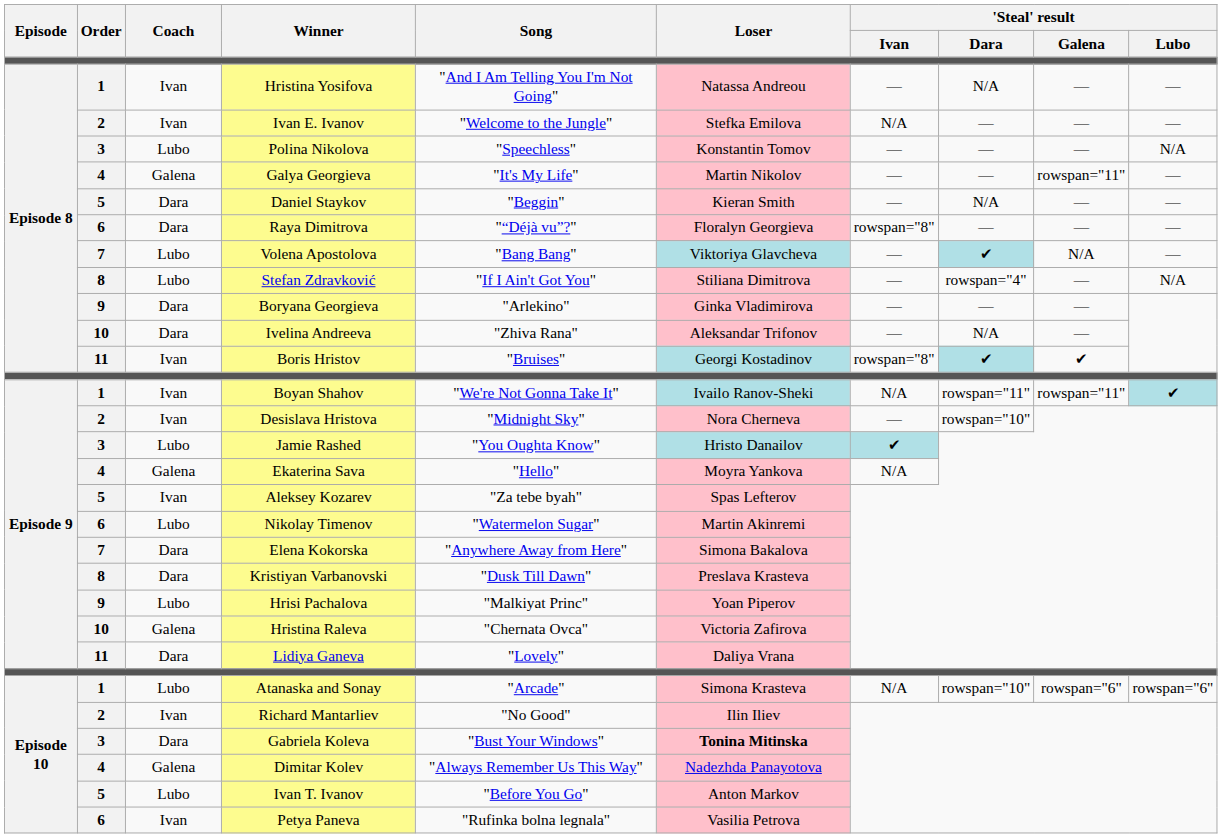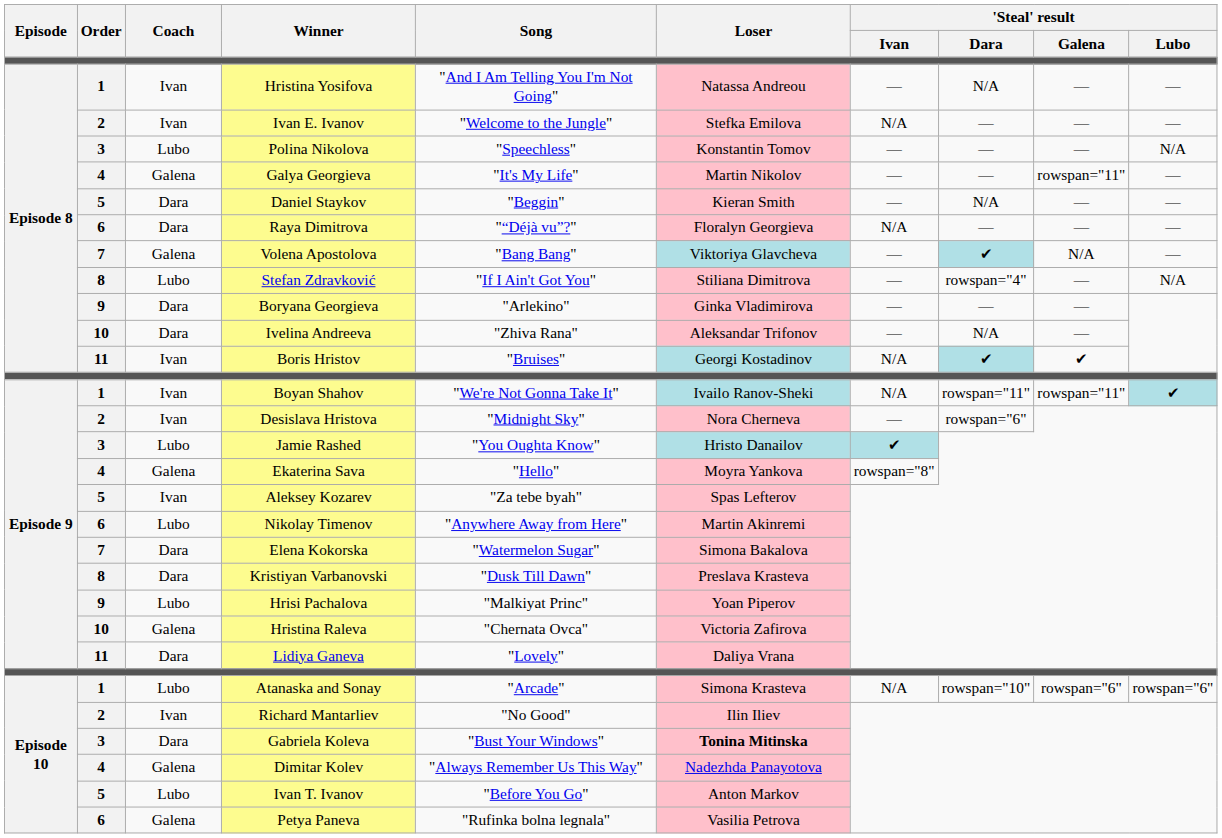 <table class="wikitable" style="text-align:center; line-height:20px; width:100%">
 <tr>
 <th rowspan="2" style="width:06%">Episode</th>
 <th rowspan="2" style="width:03%">Order</th>
 <th rowspan="2" style="width:08%">Coach</th>
 <th rowspan="2" style="width:16%">Winner</th>
 <th rowspan="2" style="width:20%">Song</th>
 <th rowspan="2" style="width:16%">Loser</th>
 <th colspan="4" style="width:24%">'Steal' result</th>
 </tr>
 <tr>
 <th style="width:06%">Ivan</th>
 <th style="width:06%">Dara</th>
 <th style="width:06%">Galena</th>
 <th style="width:06%">Lubo</th>
 </tr>
 <tr>
 <td colspan="10" style="background:#555"></td>
 </tr>
 <tr>
 <th rowspan="11">Episode 8<br></th>
 <th>1</th>
 <td>Ivan</td>
 <td style="background:#fdfc8f">Hristina Yosifova</td>
 <td>"<a href='#'>And I Am Telling You I'm Not Going</a>"</td>
 <td style="background:pink">Natassa Andreou</td>
 <td>—</td>
 <td>N/A</td>
 <td>—</td>
 <td>—</td>
 </tr>
 <tr>
 <th>2</th>
 <td>Ivan</td>
 <td style="background:#fdfc8f">Ivan E. Ivanov</td>
 <td>"<a href='#'>Welcome to the Jungle</a>"</td>
 <td style="background:pink">Stefka Emilova</td>
 <td>N/A</td>
 <td>—</td>
 <td>—</td>
 <td>—</td>
 </tr>
 <tr>
 <th>3</th>
 <td>Lubo</td>
 <td style="background:#fdfc8f">Polina Nikolova</td>
 <td>"<a href='#'>Speechless</a>"</td>
 <td style="background:pink">Konstantin Tomov</td>
 <td>—</td>
 <td>—</td>
 <td>—</td>
 <td>N/A</td>
 </tr>
 <tr>
 <th>4</th>
 <td>Galena</td>
 <td style="background:#fdfc8f">Galya Georgieva</td>
 <td>"<a href='#'>It's My Life</a>"</td>
 <td style="background:pink">Martin Nikolov</td>
 <td>—</td>
 <td>—</td>
 <td>rowspan="11" </td>
 <td>—</td>
 </tr>
 <tr>
 <th>5</th>
 <td>Dara</td>
 <td style="background:#fdfc8f">Daniel Staykov</td>
 <td>"<a href='#'>Beggin</a>"</td>
 <td style="background:pink">Kieran Smith</td>
 <td>—</td>
 <td>N/A</td>
 <td>—</td>
 <td>—</td>
 </tr>
 <tr>
 <th>6</th>
 <td>Dara</td>
 <td style="background:#fdfc8f">Raya Dimitrova</td>
 <td>"<a href='#'>“Déjà vu”?</a>"</td>
 <td style="background:pink">Floralyn Georgieva</td>
-<td>rowspan="8" </td>
+<td>N/A</td>
 <td>—</td>
 <td>—</td>
 <td>—</td>
 </tr>
 <tr>
 <th>7</th>
-<td>Lubo</td>
+<td>Galena</td>
 <td style="background:#fdfc8f">Volena Apostolova</td>
 <td>"<a href='#'>Bang Bang</a>"</td>
 <td style="background:#b0e0e6">Viktoriya Glavcheva</td>
 <td>—</td>
 <td style="background:#b0e0e6">✔</td>
 <td>N/A</td>
 <td>—</td>
 </tr>
 <tr>
 <th>8</th>
 <td>Lubo</td>
 <td style="background:#fdfc8f"><a href='#'>Stefan Zdravković</a></td>
 <td>"<a href='#'>If I Ain't Got You</a>"</td>
 <td style="background:pink">Stiliana Dimitrova</td>
 <td>—</td>
 <td>rowspan="4" </td>
 <td>—</td>
 <td>N/A</td>
 </tr>
 <tr>
 <th>9</th>
 <td>Dara</td>
 <td style="background:#fdfc8f">Boryana Georgieva</td>
 <td>"Arlekino"</td>
 <td style="background:pink">Ginka Vladimirova</td>
 <td>—</td>
 <td>—</td>
 <td>—</td>
 </tr>
 <tr>
 <th>10</th>
 <td>Dara</td>
 <td style="background:#fdfc8f">Ivelina Andreeva</td>
 <td>"Zhiva Rana"</td>
 <td style="background:pink">Aleksandar Trifonov</td>
 <td>—</td>
 <td>N/A</td>
 <td>—</td>
 </tr>
 <tr>
 <th>11</th>
 <td>Ivan</td>
 <td style="background:#fdfc8f">Boris Hristov</td>
 <td>"<a href='#'>Bruises</a>"</td>
 <td style="background:#b0e0e6">Georgi Kostadinov</td>
-<td>rowspan="8" </td>
+<td>N/A</td>
 <td style="background:#b0e0e6">✔</td>
 <td>✔</td>
 </tr>
 <tr>
 <th colspan="10" style="background:#555"></th>
 </tr>
 <tr>
 <th rowspan="11">Episode 9<br></th>
 <th>1</th>
 <td>Ivan</td>
 <td style="background:#fdfc8f">Boyan Shahov</td>
 <td>"<a href='#'>We're Not Gonna Take It</a>"</td>
 <td style="background:#b0e0e6">Ivailo Ranov-Sheki</td>
 <td>N/A</td>
 <td>rowspan="11" </td>
 <td>rowspan="11" </td>
 <td style="background:#b0e0e6">✔</td>
 </tr>
 <tr>
 <th>2</th>
 <td>Ivan</td>
 <td style="background:#fdfc8f">Desislava Hristova</td>
 <td>"<a href='#'>Midnight Sky</a>"</td>
 <td style="background:pink">Nora Cherneva</td>
 <td>—</td>
-<td>rowspan="10" </td>
+<td>rowspan="6" </td>
 </tr>
 <tr>
 <th>3</th>
 <td>Lubo</td>
 <td style="background:#fdfc8f">Jamie Rashed</td>
 <td>"<a href='#'>You Oughta Know</a>"</td>
 <td style="background:#b0e0e6">Hristo Danailov</td>
 <td style="background:#b0e0e6">✔</td>
 </tr>
 <tr>
 <th>4</th>
 <td>Galena</td>
 <td style="background:#fdfc8f">Ekaterina Sava</td>
 <td>"<a href='#'>Hello</a>"</td>
 <td style="background:pink">Moyra Yankova</td>
-<td>N/A</td>
+<td>rowspan="8" </td>
 </tr>
 <tr>
 <th>5</th>
 <td>Ivan</td>
 <td style="background:#fdfc8f">Aleksey Kozarev</td>
 <td>"Za tebe byah"</td>
 <td style="background:pink">Spas Lefterov</td>
 </tr>
 <tr>
 <th>6</th>
 <td>Lubo</td>
 <td style="background:#fdfc8f">Nikolay Timenov</td>
-<td>"<a href='#'>Watermelon Sugar</a>"</td>
+<td>"<a href='#'>Anywhere Away from Here</a>"</td>
 <td style="background:pink">Martin Akinremi</td>
 </tr>
 <tr>
 <th>7</th>
 <td>Dara</td>
 <td style="background:#fdfc8f">Elena Kokorska</td>
-<td>"<a href='#'>Anywhere Away from Here</a>"</td>
+<td>"<a href='#'>Watermelon Sugar</a>"</td>
 <td style="background:pink">Simona Bakalova</td>
 </tr>
 <tr>
 <th>8</th>
 <td>Dara</td>
 <td style="background:#fdfc8f">Kristiyan Varbanovski</td>
 <td>"<a href='#'>Dusk Till Dawn</a>"</td>
 <td style="background:pink">Preslava Krasteva</td>
 </tr>
 <tr>
 <th>9</th>
 <td>Lubo</td>
 <td style="background:#fdfc8f">Hrisi Pachalova</td>
 <td>"Malkiyat Princ"</td>
 <td style="background:pink">Yoan Piperov</td>
 </tr>
 <tr>
 <th>10</th>
 <td>Galena</td>
 <td style="background:#fdfc8f">Hristina Raleva</td>
 <td>"Chernata Ovca"</td>
 <td style="background:pink">Victoria Zafirova</td>
 </tr>
 <tr>
 <th>11</th>
 <td>Dara</td>
 <td style="background:#fdfc8f"><a href='#'>Lidiya Ganeva</a></td>
 <td>"<a href='#'>Lovely</a>"</td>
 <td style="background:pink">Daliya Vrana</td>
 </tr>
 <tr>
 <th colspan="10" style="background:#555"></th>
 </tr>
 <tr>
 <th rowspan="6">Episode 10<br></th>
 <th>1</th>
 <td>Lubo</td>
 <td style="background:#fdfc8f">Atanaska and Sonay</td>
 <td>"<a href='#'>Arcade</a>"</td>
 <td style="background: pink">Simona Krasteva</td>
 <td>N/A</td>
 <td>rowspan="10" </td>
 <td>rowspan="6" </td>
 <td>rowspan="6" </td>
 </tr>
 <tr>
 <th>2</th>
 <td>Ivan</td>
 <td style="background:#fdfc8f">Richard Mantarliev</td>
 <td>"No Good"</td>
 <td style="background:pink">Ilin Iliev</td>
 </tr>
 <tr>
 <th>3</th>
 <td>Dara</td>
 <td style="background:#fdfc8f">Gabriela Koleva</td>
 <td>"<a href='#'>Bust Your Windows</a>"</td>
 <td style="background:pink"><strong>Tonina Mitinska</strong></td>
 </tr>
 <tr>
 <th>4</th>
 <td>Galena</td>
 <td style="background:#fdfc8f">Dimitar Kolev</td>
 <td>"<a href='#'>Always Remember Us This Way</a>"</td>
 <td style="background: pink"><a href='#'>Nadezhda Panayotova</a></td>
 </tr>
 <tr>
 <th>5</th>
 <td>Lubo</td>
 <td style="background:#fdfc8f">Ivan T. Ivanov</td>
 <td>"<a href='#'>Before You Go</a>"</td>
 <td style="background: pink">Anton Markov</td>
 </tr>
 <tr>
 <th>6</th>
-<td>Ivan</td>
+<td>Galena</td>
 <td style="background:#fdfc8f">Petya Paneva</td>
 <td>"Rufinka bolna legnala"</td>
 <td style="background: pink">Vasilia Petrova</td>
 </tr>
 </table>
